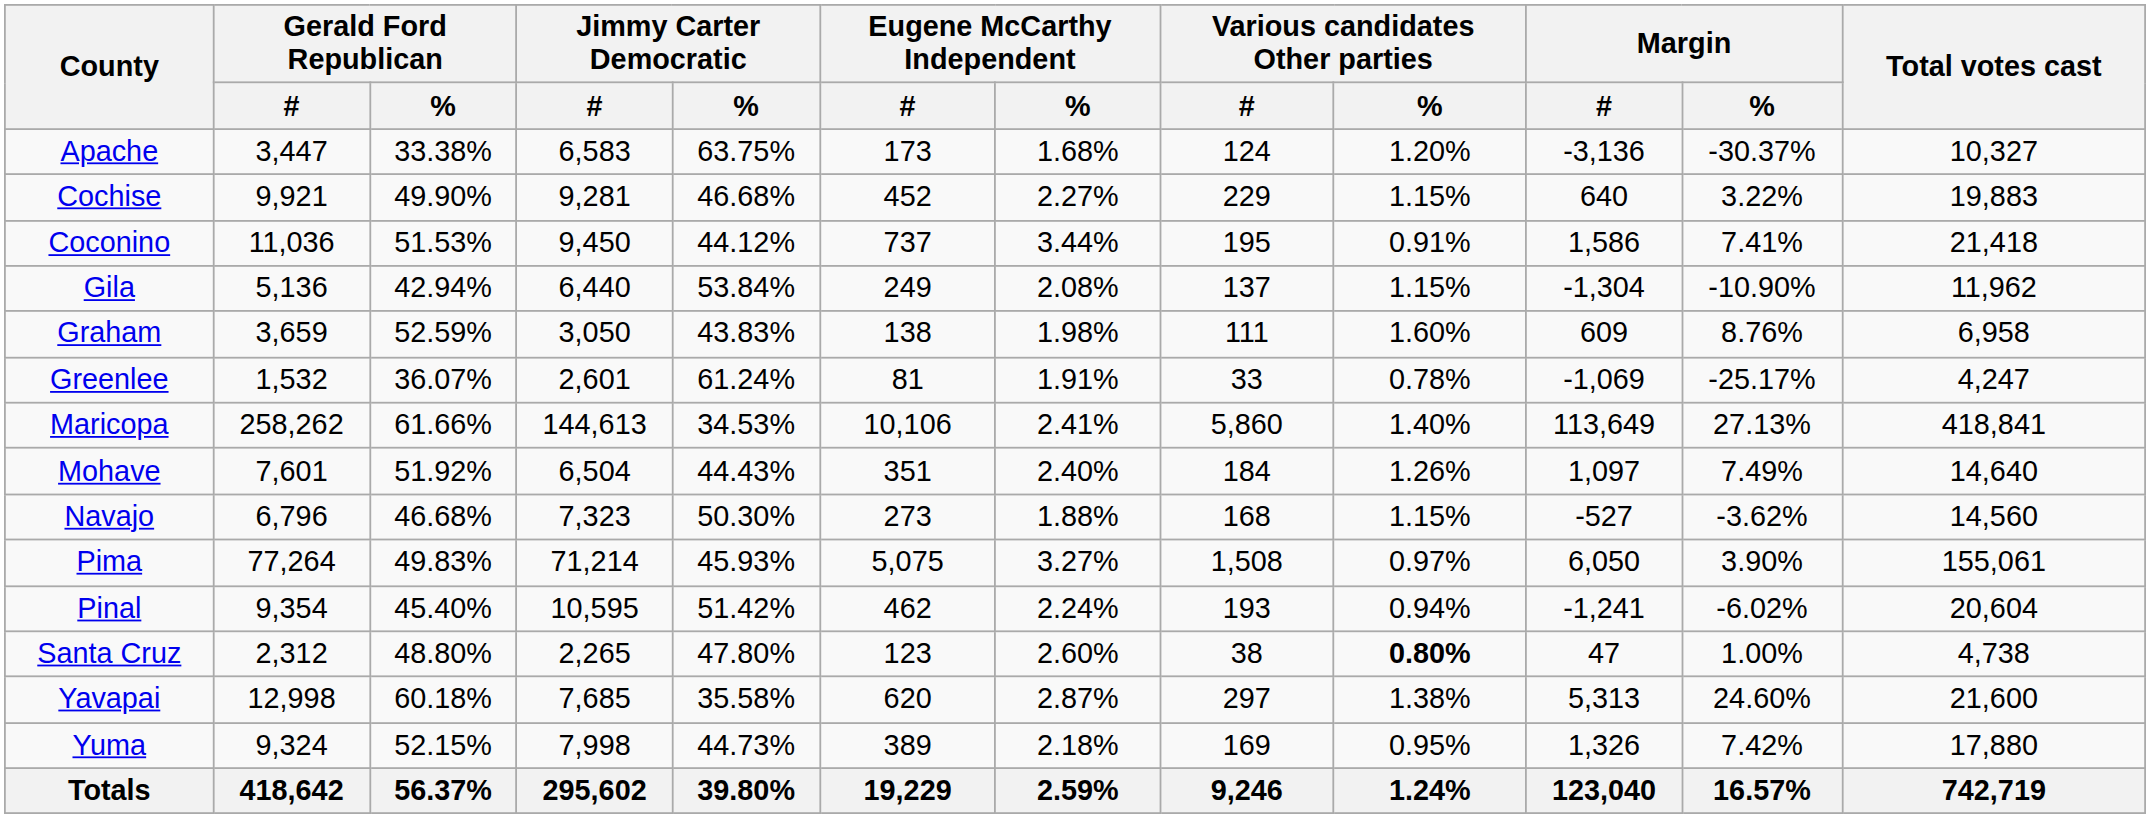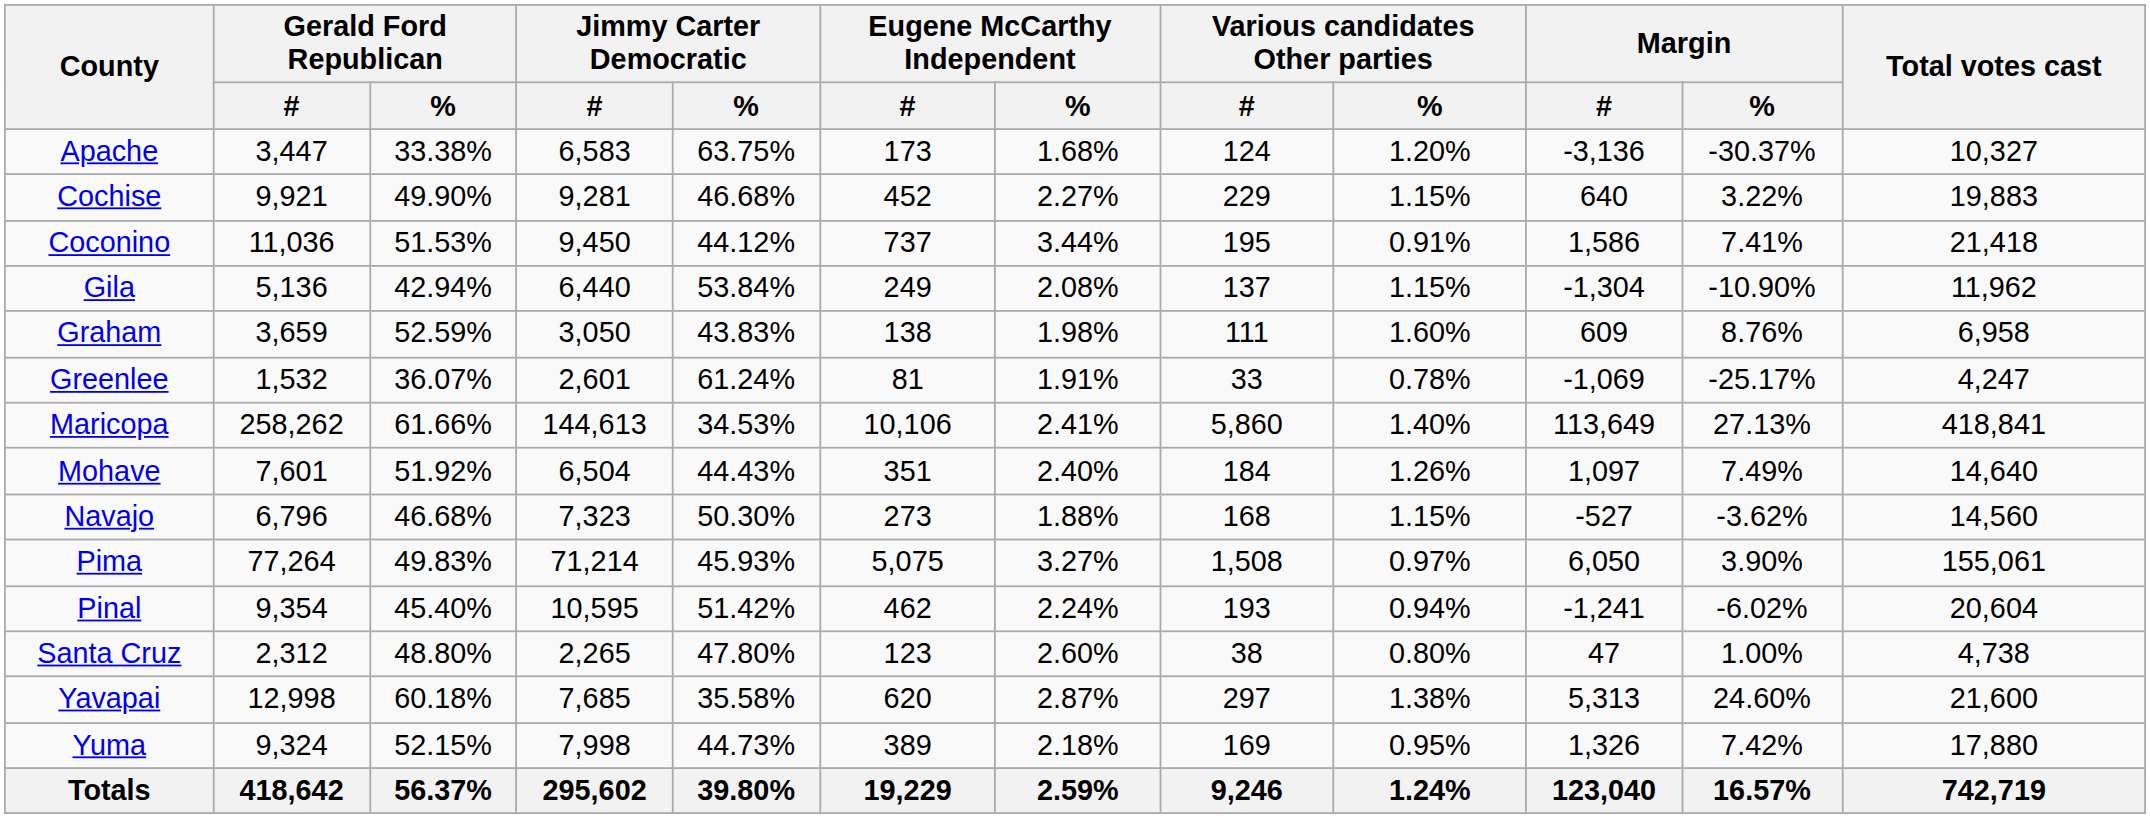 <table width="60%" class="wikitable sortable">
 <tr>
 <th rowspan="2">County</th>
 <th colspan="2">Gerald Ford<br>Republican</th>
 <th colspan="2">Jimmy Carter<br>Democratic</th>
 <th colspan="2">Eugene McCarthy<br>Independent</th>
 <th colspan="2">Various candidates<br>Other parties</th>
 <th colspan="2">Margin</th>
 <th rowspan="2">Total votes cast</th>
 </tr>
 <tr>
 <th style="text-align:center;" data-sort-type="number">#</th>
 <th style="text-align:center;" data-sort-type="number">%</th>
 <th style="text-align:center;" data-sort-type="number">#</th>
 <th style="text-align:center;" data-sort-type="number">%</th>
 <th style="text-align:center;" data-sort-type="number">#</th>
 <th style="text-align:center;" data-sort-type="number">%</th>
 <th style="text-align:center;" data-sort-type="number">#</th>
 <th style="text-align:center;" data-sort-type="number">%</th>
 <th style="text-align:center;" data-sort-type="number">#</th>
 <th style="text-align:center;" data-sort-type="number">%</th>
 </tr>
 <tr style="text-align:center;">
 <td><a href='#'>Apache</a></td>
 <td>3,447</td>
 <td>33.38%</td>
 <td>6,583</td>
 <td>63.75%</td>
 <td>173</td>
 <td>1.68%</td>
 <td>124</td>
 <td>1.20%</td>
 <td>-3,136</td>
 <td>-30.37%</td>
 <td>10,327</td>
 </tr>
 <tr style="text-align:center;">
 <td><a href='#'>Cochise</a></td>
 <td>9,921</td>
 <td>49.90%</td>
 <td>9,281</td>
 <td>46.68%</td>
 <td>452</td>
 <td>2.27%</td>
 <td>229</td>
 <td>1.15%</td>
 <td>640</td>
 <td>3.22%</td>
 <td>19,883</td>
 </tr>
 <tr style="text-align:center;">
 <td><a href='#'>Coconino</a></td>
 <td>11,036</td>
 <td>51.53%</td>
 <td>9,450</td>
 <td>44.12%</td>
 <td>737</td>
 <td>3.44%</td>
 <td>195</td>
 <td>0.91%</td>
 <td>1,586</td>
 <td>7.41%</td>
 <td>21,418</td>
 </tr>
 <tr style="text-align:center;">
 <td><a href='#'>Gila</a></td>
 <td>5,136</td>
 <td>42.94%</td>
 <td>6,440</td>
 <td>53.84%</td>
 <td>249</td>
 <td>2.08%</td>
 <td>137</td>
 <td>1.15%</td>
 <td>-1,304</td>
 <td>-10.90%</td>
 <td>11,962</td>
 </tr>
 <tr style="text-align:center;">
 <td><a href='#'>Graham</a></td>
 <td>3,659</td>
 <td>52.59%</td>
 <td>3,050</td>
 <td>43.83%</td>
 <td>138</td>
 <td>1.98%</td>
 <td>111</td>
 <td>1.60%</td>
 <td>609</td>
 <td>8.76%</td>
 <td>6,958</td>
 </tr>
 <tr style="text-align:center;">
 <td><a href='#'>Greenlee</a></td>
 <td>1,532</td>
 <td>36.07%</td>
 <td>2,601</td>
 <td>61.24%</td>
 <td>81</td>
 <td>1.91%</td>
 <td>33</td>
 <td>0.78%</td>
 <td>-1,069</td>
 <td>-25.17%</td>
 <td>4,247</td>
 </tr>
 <tr style="text-align:center;">
 <td><a href='#'>Maricopa</a></td>
 <td>258,262</td>
 <td>61.66%</td>
 <td>144,613</td>
 <td>34.53%</td>
 <td>10,106</td>
 <td>2.41%</td>
 <td>5,860</td>
 <td>1.40%</td>
 <td>113,649</td>
 <td>27.13%</td>
 <td>418,841</td>
 </tr>
 <tr style="text-align:center;">
 <td><a href='#'>Mohave</a></td>
 <td>7,601</td>
 <td>51.92%</td>
 <td>6,504</td>
 <td>44.43%</td>
 <td>351</td>
 <td>2.40%</td>
 <td>184</td>
 <td>1.26%</td>
 <td>1,097</td>
 <td>7.49%</td>
 <td>14,640</td>
 </tr>
 <tr style="text-align:center;">
 <td><a href='#'>Navajo</a></td>
 <td>6,796</td>
 <td>46.68%</td>
 <td>7,323</td>
 <td>50.30%</td>
 <td>273</td>
 <td>1.88%</td>
 <td>168</td>
 <td>1.15%</td>
 <td>-527</td>
 <td>-3.62%</td>
 <td>14,560</td>
 </tr>
 <tr style="text-align:center;">
 <td><a href='#'>Pima</a></td>
 <td>77,264</td>
 <td>49.83%</td>
 <td>71,214</td>
 <td>45.93%</td>
 <td>5,075</td>
 <td>3.27%</td>
 <td>1,508</td>
 <td>0.97%</td>
 <td>6,050</td>
 <td>3.90%</td>
 <td>155,061</td>
 </tr>
 <tr style="text-align:center;">
 <td><a href='#'>Pinal</a></td>
 <td>9,354</td>
 <td>45.40%</td>
 <td>10,595</td>
 <td>51.42%</td>
 <td>462</td>
 <td>2.24%</td>
 <td>193</td>
 <td>0.94%</td>
 <td>-1,241</td>
 <td>-6.02%</td>
 <td>20,604</td>
 </tr>
 <tr style="text-align:center;">
 <td><a href='#'>Santa Cruz</a></td>
 <td>2,312</td>
 <td>48.80%</td>
 <td>2,265</td>
 <td>47.80%</td>
 <td>123</td>
 <td>2.60%</td>
 <td>38</td>
-<td><strong>0.80%</strong></td>
+<td>0.80%</td>
 <td>47</td>
 <td>1.00%</td>
 <td>4,738</td>
 </tr>
 <tr style="text-align:center;">
 <td><a href='#'>Yavapai</a></td>
 <td>12,998</td>
 <td>60.18%</td>
 <td>7,685</td>
 <td>35.58%</td>
 <td>620</td>
 <td>2.87%</td>
 <td>297</td>
 <td>1.38%</td>
 <td>5,313</td>
 <td>24.60%</td>
 <td>21,600</td>
 </tr>
 <tr style="text-align:center;">
 <td><a href='#'>Yuma</a></td>
 <td>9,324</td>
 <td>52.15%</td>
 <td>7,998</td>
 <td>44.73%</td>
 <td>389</td>
 <td>2.18%</td>
 <td>169</td>
 <td>0.95%</td>
 <td>1,326</td>
 <td>7.42%</td>
 <td>17,880</td>
 </tr>
 <tr>
 <th>Totals</th>
 <th>418,642</th>
 <th>56.37%</th>
 <th>295,602</th>
 <th>39.80%</th>
 <th>19,229</th>
 <th>2.59%</th>
 <th>9,246</th>
 <th>1.24%</th>
 <th>123,040</th>
 <th>16.57%</th>
 <th>742,719</th>
 </tr>
 </table>
